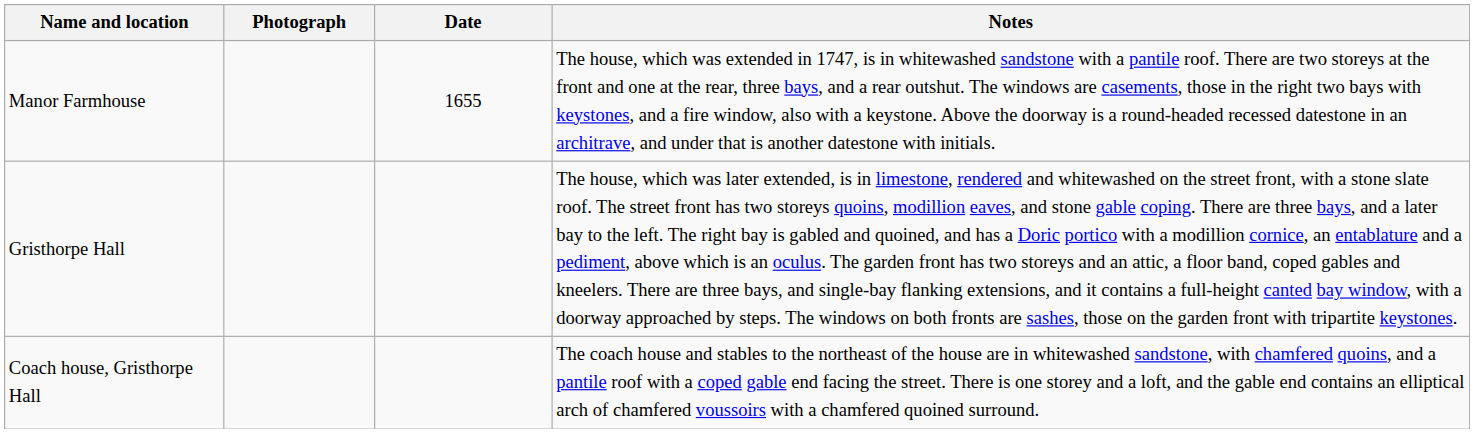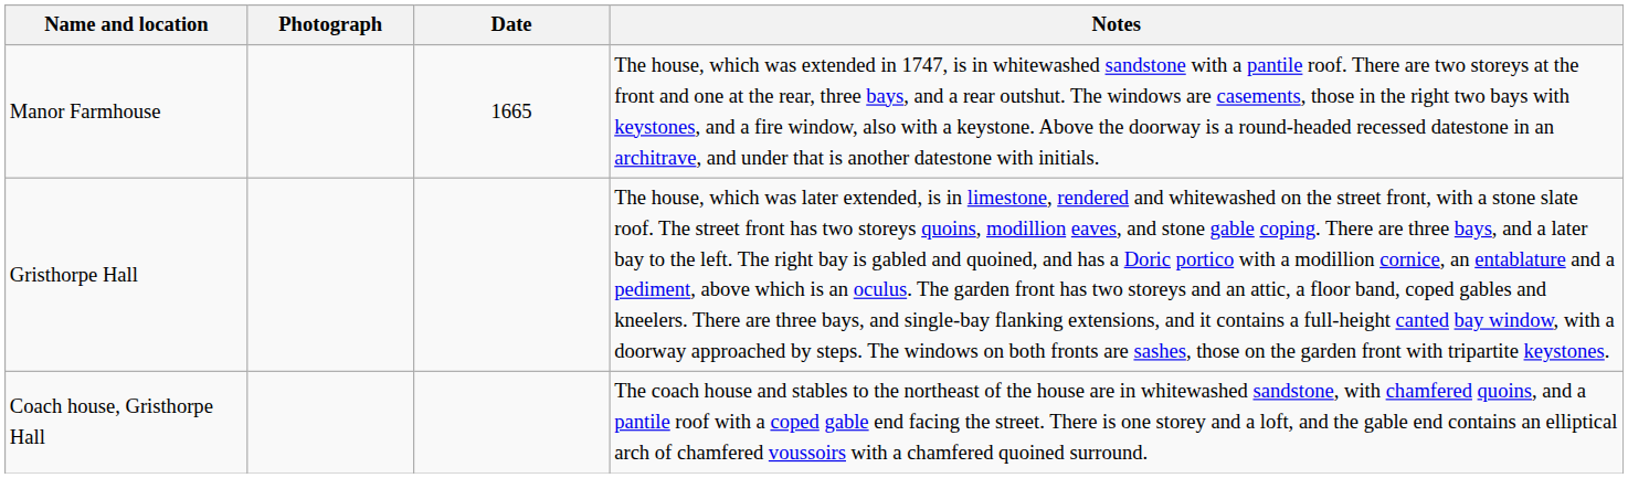 <table class="wikitable sortable plainrowheaders" style="width:100%;border:0px;text-align:left;line-height:150%;">
 <tr>
 <th scope="col"  style="width:150px">Name and location</th>
 <th scope="col"  style="width:100px" class="unsortable">Photograph</th>
 <th scope="col"  style="width:120px">Date</th>
 <th scope="col"  style="width:650px" class="unsortable">Notes</th>
 </tr>
 <tr>
 <td>Manor Farmhouse<br><small></small></td>
 <td></td>
-<td align="center">1655</td>
+<td align="center">1665</td>
 <td>The house, which was extended in 1747, is in whitewashed <a href='#'>sandstone</a> with a <a href='#'>pantile</a> roof.  There are two storeys at the front and one at the rear, three <a href='#'>bays</a>, and a rear outshut.  The windows are <a href='#'>casements</a>, those in the right two bays with <a href='#'>keystones</a>, and a fire window, also with a keystone.  Above the doorway is a round-headed recessed datestone in an <a href='#'>architrave</a>, and under that is another datestone with initials.</td>
 </tr>
 <tr>
 <td>Gristhorpe Hall<br><small></small></td>
 <td></td>
 <td align="center"></td>
 <td>The house, which was later extended, is in <a href='#'>limestone</a>, <a href='#'>rendered</a> and whitewashed on the street front, with a stone slate roof.  The street front has two storeys <a href='#'>quoins</a>, <a href='#'>modillion</a> <a href='#'>eaves</a>, and stone <a href='#'>gable</a> <a href='#'>coping</a>.  There are three <a href='#'>bays</a>, and a later bay to the left.  The right bay is gabled and quoined, and has a <a href='#'>Doric</a> <a href='#'>portico</a> with a modillion <a href='#'>cornice</a>, an <a href='#'>entablature</a> and a <a href='#'>pediment</a>, above which is an <a href='#'>oculus</a>.  The garden front has two storeys and an attic, a floor band, coped gables and kneelers.  There are three bays, and single-bay flanking extensions, and it contains a full-height <a href='#'>canted</a> <a href='#'>bay window</a>, with a doorway approached by steps.  The windows on both fronts are <a href='#'>sashes</a>, those on the garden front with tripartite <a href='#'>keystones</a>.</td>
 </tr>
 <tr>
 <td>Coach house, Gristhorpe Hall<br><small></small></td>
 <td></td>
 <td align="center"></td>
 <td>The coach house and stables to the northeast of the house are in whitewashed <a href='#'>sandstone</a>, with <a href='#'>chamfered</a> <a href='#'>quoins</a>, and a <a href='#'>pantile</a> roof with a <a href='#'>coped</a> <a href='#'>gable</a> end facing the street.  There is one storey and a loft, and the gable end contains an elliptical arch of chamfered <a href='#'>voussoirs</a> with a chamfered quoined surround.</td>
 </tr>
 <tr>
 </tr>
 </table>
